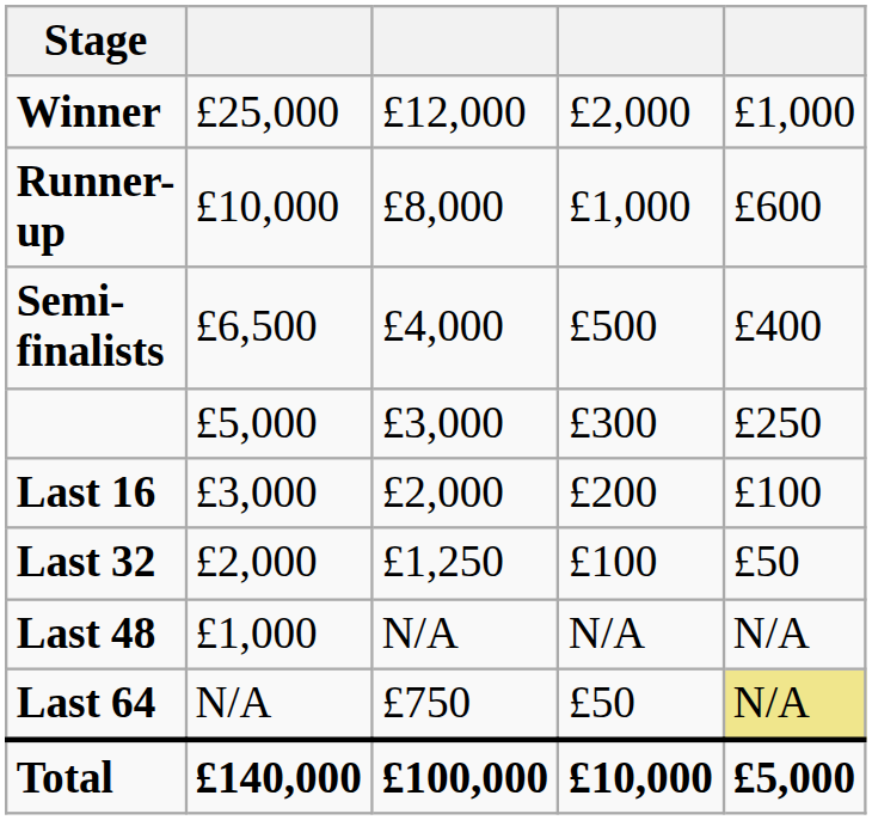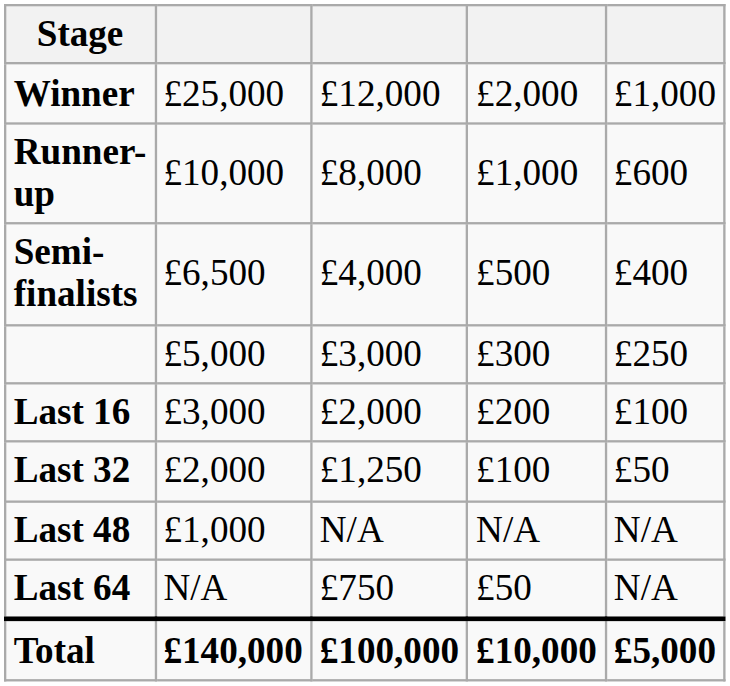 <table class="wikitable" style="width:30%; margin:0">
 <tr>
 <th>Stage</th>
 <th></th>
 <th></th>
 <th></th>
 <th></th>
 </tr>
 <tr>
 <td><strong>Winner</strong></td>
 <td>£25,000</td>
 <td>£12,000</td>
 <td>£2,000</td>
 <td>£1,000</td>
 </tr>
 <tr>
 <td><strong>Runner-up</strong></td>
 <td>£10,000</td>
 <td>£8,000</td>
 <td>£1,000</td>
 <td>£600</td>
 </tr>
 <tr>
 <td><strong>Semi-finalists</strong></td>
 <td>£6,500</td>
 <td>£4,000</td>
 <td>£500</td>
 <td>£400</td>
 </tr>
 <tr>
 <td><strong></strong></td>
 <td>£5,000</td>
 <td>£3,000</td>
 <td>£300</td>
 <td>£250</td>
 </tr>
 <tr>
 <td><strong>Last 16</strong></td>
 <td>£3,000</td>
 <td>£2,000</td>
 <td>£200</td>
 <td>£100</td>
 </tr>
 <tr>
 <td><strong>Last 32</strong></td>
 <td>£2,000</td>
 <td>£1,250</td>
 <td>£100</td>
 <td>£50</td>
 </tr>
 <tr>
 <td><strong>Last 48</strong></td>
 <td>£1,000</td>
 <td>N/A</td>
 <td>N/A</td>
 <td>N/A</td>
 </tr>
 <tr style="border-bottom:2px solid black;">
 <td><strong>Last 64</strong></td>
 <td>N/A</td>
 <td>£750</td>
 <td>£50</td>
-<td style="background: khaki;">N/A</td>
+<td>N/A</td>
 </tr>
 <tr>
 <td><strong>Total</strong></td>
 <td><strong>£140,000</strong></td>
 <td><strong>£100,000</strong></td>
 <td><strong>£10,000</strong></td>
 <td><strong>£5,000</strong></td>
 </tr>
 </table>
